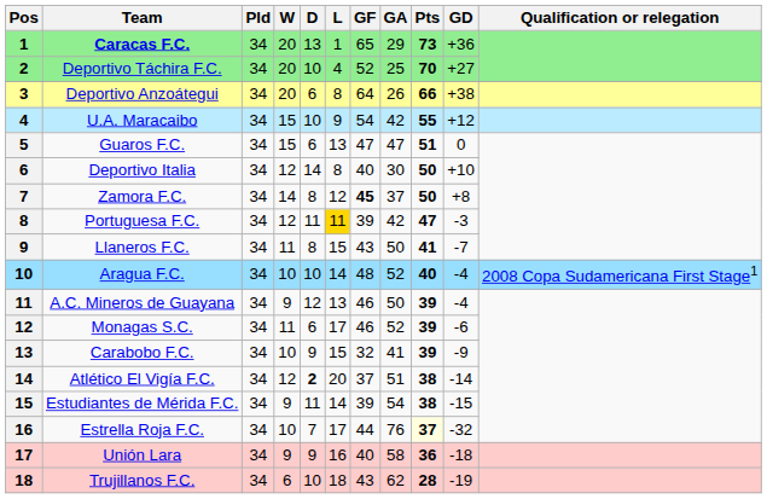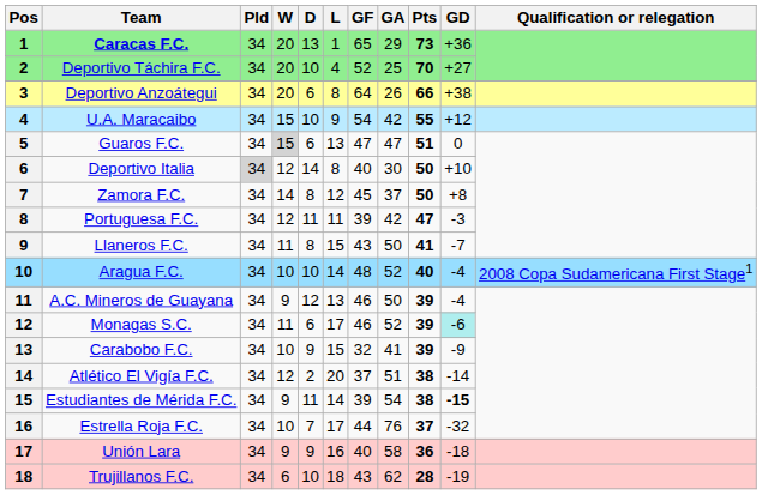 <table class="wikitable" style="text-align:center">
 <tr>
 <th>Pos</th>
 <th>Team</th>
 <th>Pld</th>
 <th>W</th>
 <th>D</th>
 <th>L</th>
 <th>GF</th>
 <th>GA</th>
 <th>Pts</th>
 <th>GD</th>
 <th>Qualification or relegation</th>
 </tr>
 <tr style="background: #90EE90;">
 <td><strong>1</strong></td>
 <td><strong><a href='#'>Caracas F.C.</a></strong></td>
 <td>34</td>
 <td>20</td>
 <td>13</td>
 <td>1</td>
 <td>65</td>
 <td>29</td>
 <td><strong>73</strong></td>
 <td>+36</td>
 <td rowspan="2"></td>
 </tr>
 <tr style="background: #90EE90;">
 <td><strong>2</strong></td>
 <td><a href='#'>Deportivo Táchira F.C.</a></td>
 <td>34</td>
 <td>20</td>
 <td>10</td>
 <td>4</td>
 <td>52</td>
 <td>25</td>
 <td><strong>70</strong></td>
 <td>+27</td>
 </tr>
 <tr>
 </tr>
 <tr style="background: #FFFF99;">
 <td><strong>3</strong></td>
 <td><a href='#'>Deportivo Anzoátegui</a></td>
 <td>34</td>
 <td>20</td>
 <td>6</td>
 <td>8</td>
 <td>64</td>
 <td>26</td>
 <td><strong>66</strong></td>
 <td>+38</td>
 <td></td>
 </tr>
 <tr style="background: #BBEBFF;">
 <td><strong>4</strong></td>
 <td><a href='#'>U.A. Maracaibo</a></td>
 <td>34</td>
 <td>15</td>
 <td>10</td>
 <td>9</td>
 <td>54</td>
 <td>42</td>
 <td><strong>55</strong></td>
 <td>+12</td>
 <td></td>
 </tr>
 <tr>
 <th>5</th>
 <td><a href='#'>Guaros F.C.</a></td>
 <td>34</td>
-<td>15</td>
+<td style="background: lightgrey;">15</td>
 <td>6</td>
 <td>13</td>
 <td>47</td>
 <td>47</td>
 <td><strong>51</strong></td>
 <td>0</td>
 </tr>
 <tr>
 <th>6</th>
 <td><a href='#'>Deportivo Italia</a></td>
-<td>34</td>
+<td style="background: lightgrey;">34</td>
 <td>12</td>
 <td>14</td>
 <td>8</td>
 <td>40</td>
 <td>30</td>
 <td><strong>50</strong></td>
 <td>+10</td>
 </tr>
 <tr>
 <th>7</th>
 <td><a href='#'>Zamora F.C.</a></td>
 <td>34</td>
 <td>14</td>
 <td>8</td>
 <td>12</td>
-<td><strong>45</strong></td>
+<td>45</td>
 <td>37</td>
 <td><strong>50</strong></td>
 <td>+8</td>
 </tr>
 <tr>
 <th>8</th>
 <td><a href='#'>Portuguesa F.C.</a></td>
 <td>34</td>
 <td>12</td>
 <td>11</td>
-<td style="background: gold;">11</td>
+<td>11</td>
 <td>39</td>
 <td>42</td>
 <td><strong>47</strong></td>
 <td>-3</td>
 </tr>
 <tr>
 <th>9</th>
 <td><a href='#'>Llaneros F.C.</a></td>
 <td>34</td>
 <td>11</td>
 <td>8</td>
 <td>15</td>
 <td>43</td>
 <td>50</td>
 <td><strong>41</strong></td>
 <td>-7</td>
 </tr>
 <tr style="background: #97DEFF;">
 <td><strong>10</strong></td>
 <td><a href='#'>Aragua F.C.</a></td>
 <td>34</td>
 <td>10</td>
 <td>10</td>
 <td>14</td>
 <td>48</td>
 <td>52</td>
 <td><strong>40</strong></td>
 <td>-4</td>
 <td><div><a href='#'>2008 Copa Sudamericana First Stage</a><sup><span>1</span></sup></div></td>
 </tr>
 <tr>
 <th>11</th>
 <td><a href='#'>A.C. Mineros de Guayana</a></td>
 <td>34</td>
 <td>9</td>
 <td>12</td>
 <td>13</td>
 <td>46</td>
 <td>50</td>
 <td><strong>39</strong></td>
 <td>-4</td>
 </tr>
 <tr>
 <th>12</th>
 <td><a href='#'>Monagas S.C.</a></td>
 <td>34</td>
 <td>11</td>
 <td>6</td>
 <td>17</td>
 <td>46</td>
 <td>52</td>
 <td><strong>39</strong></td>
-<td>-6</td>
+<td style="background: paleturquoise;">-6</td>
 </tr>
 <tr>
 <th>13</th>
 <td><a href='#'>Carabobo F.C.</a></td>
 <td>34</td>
 <td>10</td>
 <td>9</td>
 <td>15</td>
 <td>32</td>
 <td>41</td>
 <td><strong>39</strong></td>
 <td>-9</td>
 </tr>
 <tr>
 <th>14</th>
 <td><a href='#'>Atlético El Vigía F.C.</a></td>
 <td>34</td>
 <td>12</td>
-<td><strong>2</strong></td>
+<td>2</td>
 <td>20</td>
 <td>37</td>
 <td>51</td>
 <td><strong>38</strong></td>
 <td>-14</td>
 </tr>
 <tr>
 <th>15</th>
 <td><a href='#'>Estudiantes de Mérida F.C.</a></td>
 <td>34</td>
 <td>9</td>
 <td>11</td>
 <td>14</td>
 <td>39</td>
 <td>54</td>
 <td><strong>38</strong></td>
-<td>-15</td>
+<td><strong>-15</strong></td>
 </tr>
 <tr>
 <th>16</th>
 <td><a href='#'>Estrella Roja F.C.</a></td>
 <td>34</td>
 <td>10</td>
 <td>7</td>
 <td>17</td>
 <td>44</td>
 <td>76</td>
-<td style="background: lightyellow;"><strong>37</strong></td>
+<td><strong>37</strong></td>
 <td>-32</td>
 </tr>
 <tr style="background: #FFCCCC;">
 <td><strong>17</strong></td>
 <td><a href='#'>Unión Lara</a></td>
 <td>34</td>
 <td>9</td>
 <td>9</td>
 <td>16</td>
 <td>40</td>
 <td>58</td>
 <td><strong>36</strong></td>
 <td>-18</td>
 <td></td>
 </tr>
 <tr style="background: #FFCCCC;">
 <td><strong>18</strong></td>
 <td><a href='#'>Trujillanos F.C.</a></td>
 <td>34</td>
 <td>6</td>
 <td>10</td>
 <td>18</td>
 <td>43</td>
 <td>62</td>
 <td><strong>28</strong></td>
 <td>-19</td>
 <td></td>
 </tr>
 </table>
